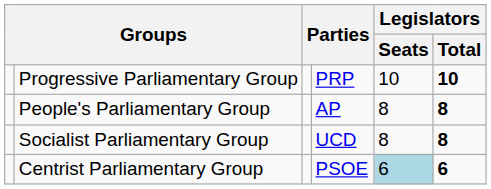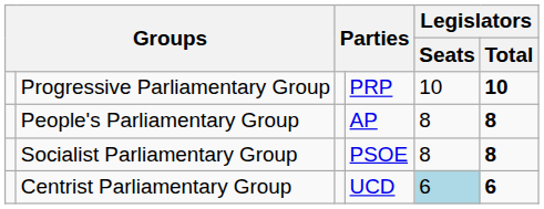 <table class="wikitable" style="text-align:left;">
 <tr>
 <th rowspan="2" colspan="2">Groups</th>
 <th rowspan="2" colspan="2">Parties</th>
 <th colspan="2">Legislators</th>
 </tr>
 <tr>
 <th>Seats</th>
 <th>Total</th>
 </tr>
 <tr>
 <td width="1" style="color:inherit;background:"></td>
 <td>Progressive Parliamentary Group</td>
 <td style="color:inherit;background:"></td>
 <td><a href='#'>PRP</a></td>
 <td>10</td>
 <td><strong>10</strong></td>
 </tr>
 <tr>
 <td style="color:inherit;background:"></td>
 <td>People's Parliamentary Group</td>
 <td style="color:inherit;background:"></td>
 <td><a href='#'>AP</a></td>
 <td>8</td>
 <td><strong>8</strong></td>
 </tr>
 <tr>
 <td style="color:inherit;background:"></td>
 <td>Socialist Parliamentary Group</td>
 <td style="color:inherit;background:"></td>
-<td><a href='#'>UCD</a></td>
+<td><a href='#'>PSOE</a></td>
 <td>8</td>
 <td><strong>8</strong></td>
 </tr>
 <tr>
 <td style="color:inherit;background:"></td>
 <td>Centrist Parliamentary Group</td>
 <td style="color:inherit;background:"></td>
-<td><a href='#'>PSOE</a></td>
+<td><a href='#'>UCD</a></td>
 <td style="background: lightblue;">6</td>
 <td><strong>6</strong></td>
 </tr>
 </table>
